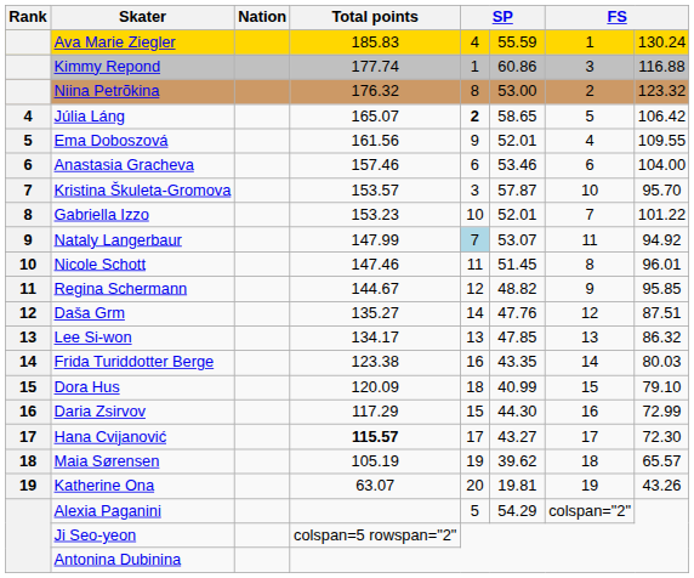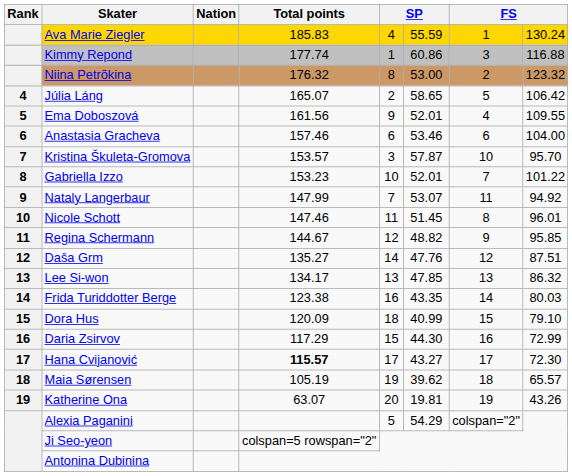 <table class="wikitable sortable" style="text-align:left">
 <tr>
 <th scope="col">Rank</th>
 <th scope="col">Skater</th>
 <th scope="col">Nation</th>
 <th scope="col">Total points</th>
 <th scope="col" colspan="2" width="80px"><a href='#'>SP</a></th>
 <th scope="col" colspan="2" width="80px"><a href='#'>FS</a></th>
 </tr>
 <tr bgcolor="gold">
 <th scope="row"></th>
 <td><a href='#'>Ava Marie Ziegler</a></td>
 <td></td>
 <td align="center">185.83</td>
 <td align="center">4</td>
 <td align="center">55.59</td>
 <td align="center">1</td>
 <td align="center">130.24</td>
 </tr>
 <tr bgcolor="silver">
 <th scope="row"></th>
 <td><a href='#'>Kimmy Repond</a></td>
 <td></td>
 <td align="center">177.74</td>
 <td align="center">1</td>
 <td align="center">60.86</td>
 <td align="center">3</td>
 <td align="center">116.88</td>
 </tr>
 <tr bgcolor="cc9966">
 <th scope="row"></th>
 <td><a href='#'>Niina Petrõkina</a></td>
 <td></td>
 <td align="center">176.32</td>
 <td align="center">8</td>
 <td align="center">53.00</td>
 <td align="center">2</td>
 <td align="center">123.32</td>
 </tr>
 <tr>
 <th scope="row">4</th>
 <td><a href='#'>Júlia Láng</a></td>
 <td></td>
 <td align="center">165.07</td>
-<td align="center"><strong>2</strong></td>
+<td align="center">2</td>
 <td align="center">58.65</td>
 <td align="center">5</td>
 <td align="center">106.42</td>
 </tr>
 <tr>
 <th scope="row">5</th>
 <td><a href='#'>Ema Doboszová</a></td>
 <td></td>
 <td align="center">161.56</td>
 <td align="center">9</td>
 <td align="center">52.01</td>
 <td align="center">4</td>
 <td align="center">109.55</td>
 </tr>
 <tr>
 <th scope="row">6</th>
 <td><a href='#'>Anastasia Gracheva</a></td>
 <td></td>
 <td align="center">157.46</td>
 <td align="center">6</td>
 <td align="center">53.46</td>
 <td align="center">6</td>
 <td align="center">104.00</td>
 </tr>
 <tr>
 <th scope="row">7</th>
 <td><a href='#'>Kristina Škuleta-Gromova</a></td>
 <td></td>
 <td align="center">153.57</td>
 <td align="center">3</td>
 <td align="center">57.87</td>
 <td align="center">10</td>
 <td align="center">95.70</td>
 </tr>
 <tr>
 <th scope="row">8</th>
 <td><a href='#'>Gabriella Izzo</a></td>
 <td></td>
 <td align="center">153.23</td>
 <td align="center">10</td>
 <td align="center">52.01</td>
 <td align="center">7</td>
 <td align="center">101.22</td>
 </tr>
 <tr>
 <th scope="row">9</th>
 <td><a href='#'>Nataly Langerbaur</a></td>
 <td></td>
 <td align="center">147.99</td>
-<td align="center" style="background: lightblue;">7</td>
+<td align="center">7</td>
 <td align="center">53.07</td>
 <td align="center">11</td>
 <td align="center">94.92</td>
 </tr>
 <tr>
 <th scope="row">10</th>
 <td><a href='#'>Nicole Schott</a></td>
 <td></td>
 <td align="center">147.46</td>
 <td align="center">11</td>
 <td align="center">51.45</td>
 <td align="center">8</td>
 <td align="center">96.01</td>
 </tr>
 <tr>
 <th scope="row">11</th>
 <td><a href='#'>Regina Schermann</a></td>
 <td></td>
 <td align="center">144.67</td>
 <td align="center">12</td>
 <td align="center">48.82</td>
 <td align="center">9</td>
 <td align="center">95.85</td>
 </tr>
 <tr>
 <th scope="row">12</th>
 <td><a href='#'>Daša Grm</a></td>
 <td></td>
 <td align="center">135.27</td>
 <td align="center">14</td>
 <td align="center">47.76</td>
 <td align="center">12</td>
 <td align="center">87.51</td>
 </tr>
 <tr>
 <th scope="row">13</th>
 <td><a href='#'>Lee Si-won</a></td>
 <td></td>
 <td align="center">134.17</td>
 <td align="center">13</td>
 <td align="center">47.85</td>
 <td align="center">13</td>
 <td align="center">86.32</td>
 </tr>
 <tr>
 <th scope="row">14</th>
 <td><a href='#'>Frida Turiddotter Berge</a></td>
 <td></td>
 <td align="center">123.38</td>
 <td align="center">16</td>
 <td align="center">43.35</td>
 <td align="center">14</td>
 <td align="center">80.03</td>
 </tr>
 <tr>
 <th scope="row">15</th>
 <td><a href='#'>Dora Hus</a></td>
 <td></td>
 <td align="center">120.09</td>
 <td align="center">18</td>
 <td align="center">40.99</td>
 <td align="center">15</td>
 <td align="center">79.10</td>
 </tr>
 <tr>
 <th scope="row">16</th>
 <td><a href='#'>Daria Zsirvov</a></td>
 <td></td>
 <td align="center">117.29</td>
 <td align="center">15</td>
 <td align="center">44.30</td>
 <td align="center">16</td>
 <td align="center">72.99</td>
 </tr>
 <tr>
 <th scope="row">17</th>
 <td><a href='#'>Hana Cvijanović</a></td>
 <td></td>
 <td align="center"><strong>115.57</strong></td>
 <td align="center">17</td>
 <td align="center">43.27</td>
 <td align="center">17</td>
 <td align="center">72.30</td>
 </tr>
 <tr>
 <th scope="row">18</th>
 <td><a href='#'>Maia Sørensen</a></td>
 <td></td>
 <td align="center">105.19</td>
 <td align="center">19</td>
 <td align="center">39.62</td>
 <td align="center">18</td>
 <td align="center">65.57</td>
 </tr>
 <tr>
 <th scope="row">19</th>
 <td><a href='#'>Katherine Ona</a></td>
 <td></td>
 <td align="center">63.07</td>
 <td align="center">20</td>
 <td align="center">19.81</td>
 <td align="center">19</td>
 <td align="center">43.26</td>
 </tr>
 <tr>
 <th scope="row" rowspan="3"></th>
 <td><a href='#'>Alexia Paganini</a></td>
 <td></td>
 <td></td>
 <td align="center">5</td>
 <td align="center">54.29</td>
 <td>colspan="2" </td>
 </tr>
 <tr>
 <td><a href='#'>Ji Seo-yeon</a></td>
 <td></td>
 <td>colspan=5 rowspan="2" </td>
 </tr>
 <tr>
 <td><a href='#'>Antonina Dubinina</a></td>
 <td></td>
 </tr>
 </table>
